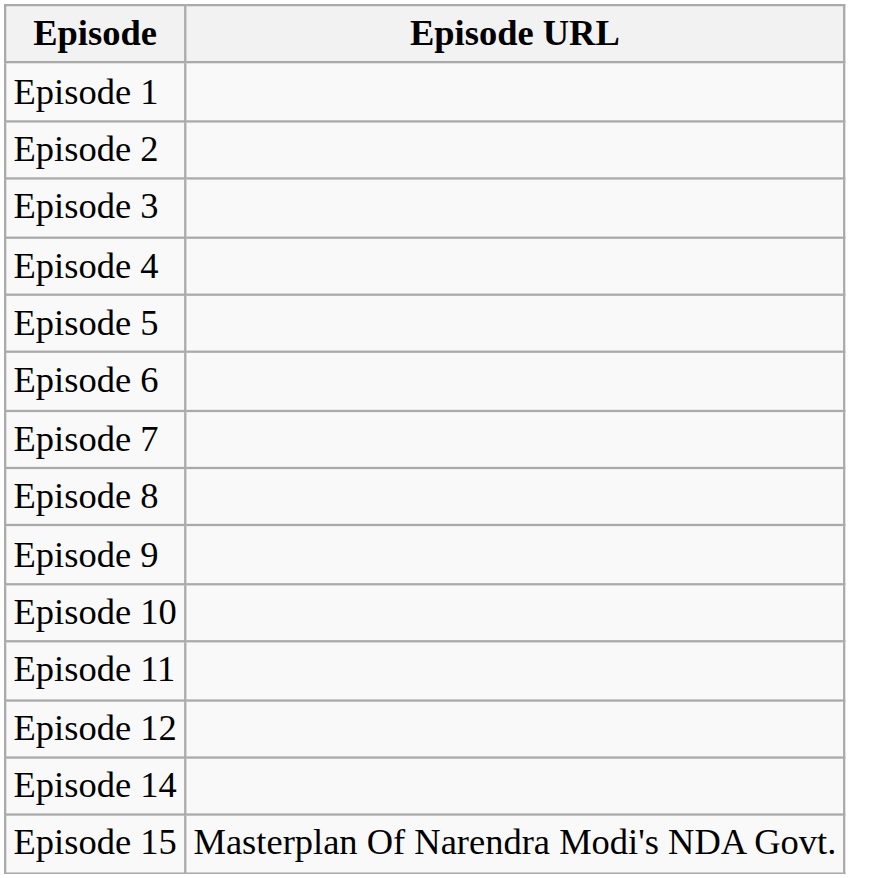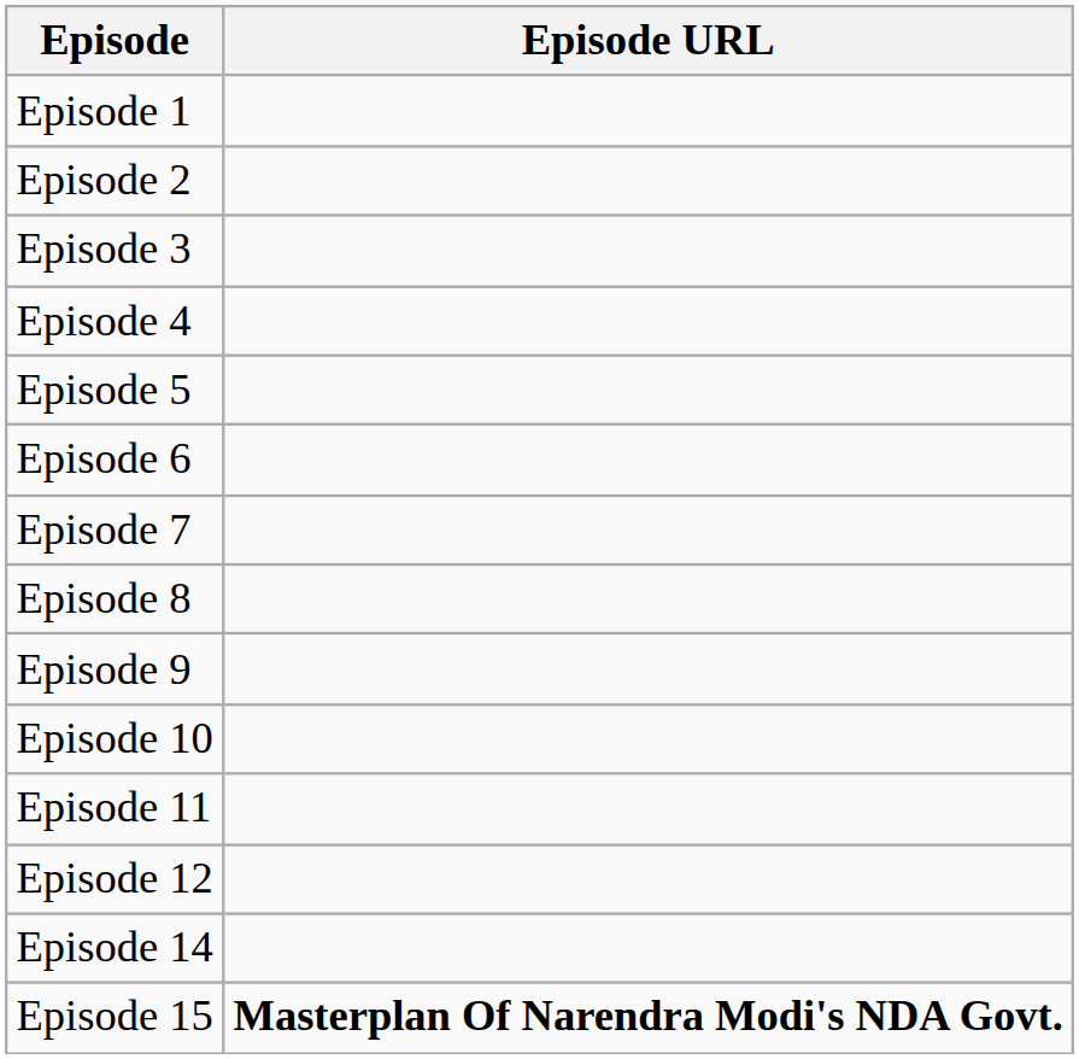 <table class="wikitable sortable">
 <tr>
 <th>Episode</th>
 <th>Episode URL</th>
 </tr>
 <tr>
 <td>Episode 1</td>
 <td></td>
 </tr>
 <tr>
 <td>Episode 2</td>
 <td></td>
 </tr>
 <tr>
 <td>Episode 3</td>
 <td></td>
 </tr>
 <tr>
 <td>Episode 4</td>
 <td></td>
 </tr>
 <tr>
 <td>Episode 5</td>
 <td></td>
 </tr>
 <tr>
 <td>Episode 6</td>
 <td></td>
 </tr>
 <tr>
 <td>Episode 7</td>
 <td></td>
 </tr>
 <tr>
 <td>Episode 8</td>
 <td></td>
 </tr>
 <tr>
 <td>Episode 9</td>
 <td></td>
 </tr>
 <tr>
 <td>Episode 10</td>
 <td></td>
 </tr>
 <tr>
 <td>Episode 11</td>
 <td></td>
 </tr>
 <tr>
 <td>Episode 12</td>
 <td></td>
 </tr>
 <tr>
 <td>Episode 14</td>
 <td></td>
 </tr>
 <tr>
 <td>Episode 15</td>
-<td>Masterplan Of Narendra Modi's NDA Govt.</td>
+<td><strong>Masterplan Of Narendra Modi's NDA Govt.</strong></td>
 </tr>
 <tr>
 </tr>
 </table>
